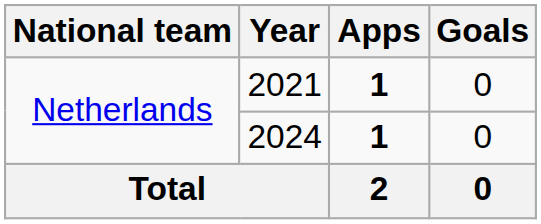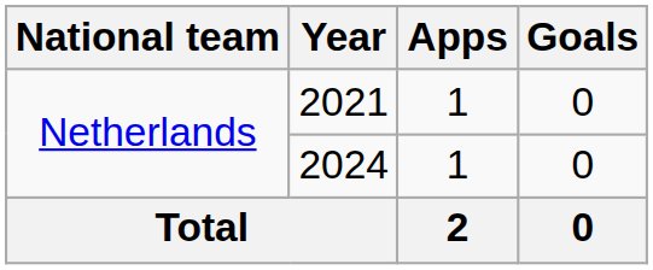 <table class=wikitable style=text-align:center>
 <tr>
 <th>National team</th>
 <th>Year</th>
 <th>Apps</th>
 <th>Goals</th>
 </tr>
 <tr>
 <td rowspan="2"><a href='#'>Netherlands</a></td>
 <td>2021</td>
-<td><strong>1</strong></td>
+<td>1</td>
 <td>0</td>
 </tr>
 <tr>
 <td>2024</td>
-<td><strong>1</strong></td>
+<td>1</td>
 <td>0</td>
 </tr>
 <tr>
 <th colspan="2">Total</th>
 <th>2</th>
 <th>0</th>
 </tr>
 </table>
